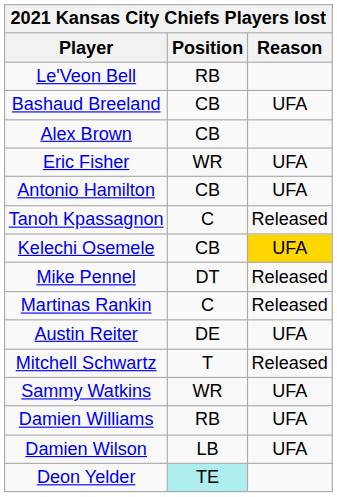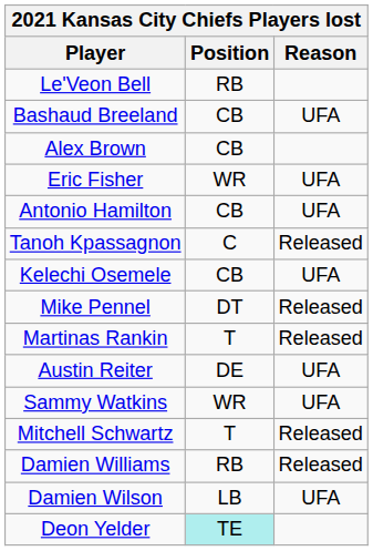 <table class="wikitable" style="text-align:center">
 <tr>
 <th colspan=3>2021 Kansas City Chiefs Players lost</th>
 </tr>
 <tr>
 <th>Player</th>
 <th>Position</th>
 <th>Reason</th>
 </tr>
 <tr>
 <td><a href='#'>Le'Veon Bell</a></td>
 <td>RB</td>
 <td></td>
 </tr>
 <tr>
 <td><a href='#'>Bashaud Breeland</a></td>
 <td>CB</td>
 <td>UFA</td>
 </tr>
 <tr>
 <td><a href='#'>Alex Brown</a></td>
 <td>CB</td>
 <td></td>
 </tr>
 <tr>
 <td><a href='#'>Eric Fisher</a></td>
 <td>WR</td>
 <td>UFA</td>
 </tr>
 <tr>
 <td><a href='#'>Antonio Hamilton</a></td>
 <td>CB</td>
 <td>UFA</td>
 </tr>
 <tr>
 <td><a href='#'>Tanoh Kpassagnon</a></td>
 <td>C</td>
 <td>Released</td>
 </tr>
 <tr>
 <td><a href='#'>Kelechi Osemele</a></td>
 <td>CB</td>
-<td style="background: gold;">UFA</td>
+<td>UFA</td>
 </tr>
 <tr>
 <td><a href='#'>Mike Pennel</a></td>
 <td>DT</td>
 <td>Released</td>
 </tr>
 <tr>
 <td><a href='#'>Martinas Rankin</a></td>
-<td>C</td>
+<td>T</td>
 <td>Released</td>
 </tr>
 <tr>
 <td><a href='#'>Austin Reiter</a></td>
 <td>DE</td>
 <td>UFA</td>
 </tr>
 <tr>
+<td><a href='#'>Sammy Watkins</a></td>
+<td>WR</td>
+<td>UFA</td>
+</tr>
+<tr>
 <td><a href='#'>Mitchell Schwartz</a></td>
 <td>T</td>
 <td>Released</td>
 </tr>
 <tr>
-<td><a href='#'>Sammy Watkins</a></td>
-<td>WR</td>
-<td>UFA</td>
-</tr>
-<tr>
 <td><a href='#'>Damien Williams</a></td>
 <td>RB</td>
-<td>UFA</td>
+<td>Released</td>
 </tr>
 <tr>
 <td><a href='#'>Damien Wilson</a></td>
 <td>LB</td>
 <td>UFA</td>
 </tr>
 <tr>
 <td><a href='#'>Deon Yelder</a></td>
 <td style="background: paleturquoise;">TE</td>
 <td></td>
 </tr>
 </table>
